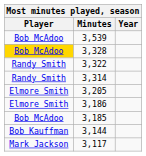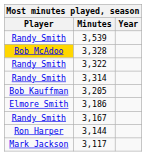 <table class="wikitable sortable" style="text-align:center">
 <tr>
 <th colspan="3">Most minutes played, season</th>
 </tr>
 <tr>
 <th>Player</th>
 <th>Minutes</th>
 <th>Year</th>
 </tr>
 <tr>
-<td><a href='#'>Bob McAdoo</a></td>
+<td><a href='#'>Randy Smith</a></td>
 <td>3,539</td>
 <td></td>
 </tr>
 <tr>
 <td style="background: gold;"><a href='#'>Bob McAdoo</a></td>
 <td>3,328</td>
 <td></td>
 </tr>
 <tr>
 <td><a href='#'>Randy Smith</a></td>
 <td>3,322</td>
 <td></td>
 </tr>
 <tr>
 <td><a href='#'>Randy Smith</a></td>
 <td>3,314</td>
 <td></td>
 </tr>
 <tr>
-<td><a href='#'>Elmore Smith</a></td>
+<td><a href='#'>Bob Kauffman</a></td>
 <td>3,205</td>
 <td></td>
 </tr>
 <tr>
 <td><a href='#'>Elmore Smith</a></td>
 <td>3,186</td>
 <td></td>
 </tr>
 <tr>
-<td><a href='#'>Bob McAdoo</a></td>
-<td>3,185</td>
+<td><a href='#'>Randy Smith</a></td>
+<td>3,167</td>
 <td></td>
 </tr>
 <tr>
-<td><a href='#'>Bob Kauffman</a></td>
+<td><a href='#'>Ron Harper</a></td>
 <td>3,144</td>
 <td></td>
 </tr>
 <tr>
 <td><a href='#'>Mark Jackson</a></td>
 <td>3,117</td>
 <td></td>
 </tr>
 </table>
